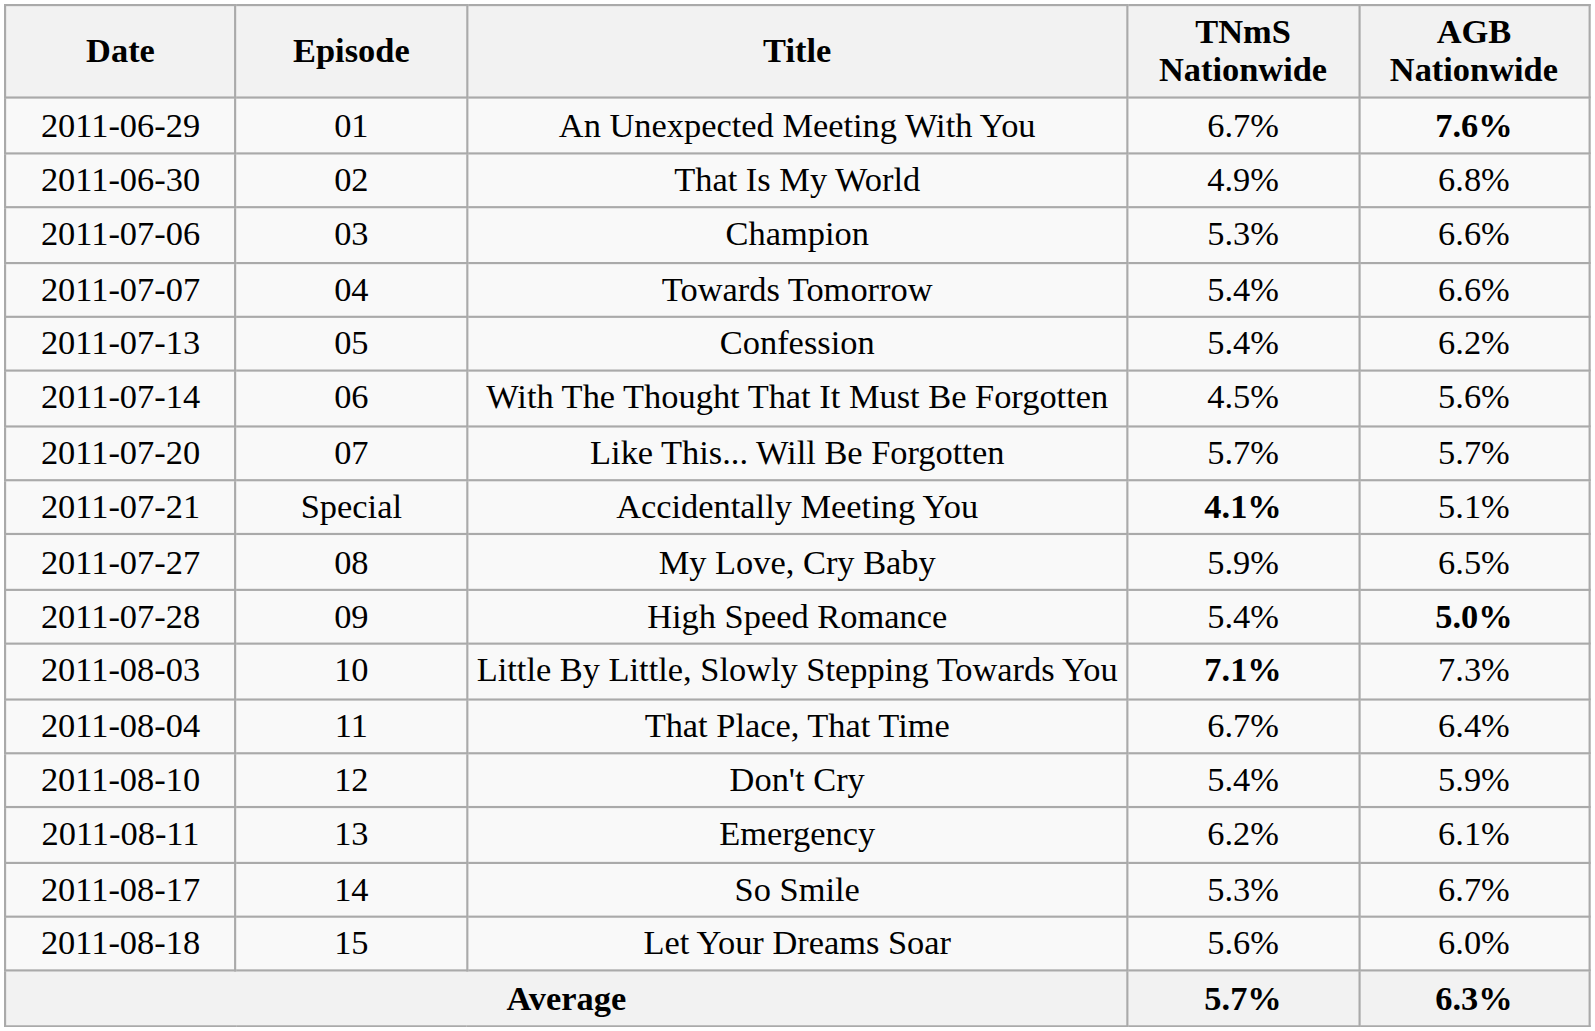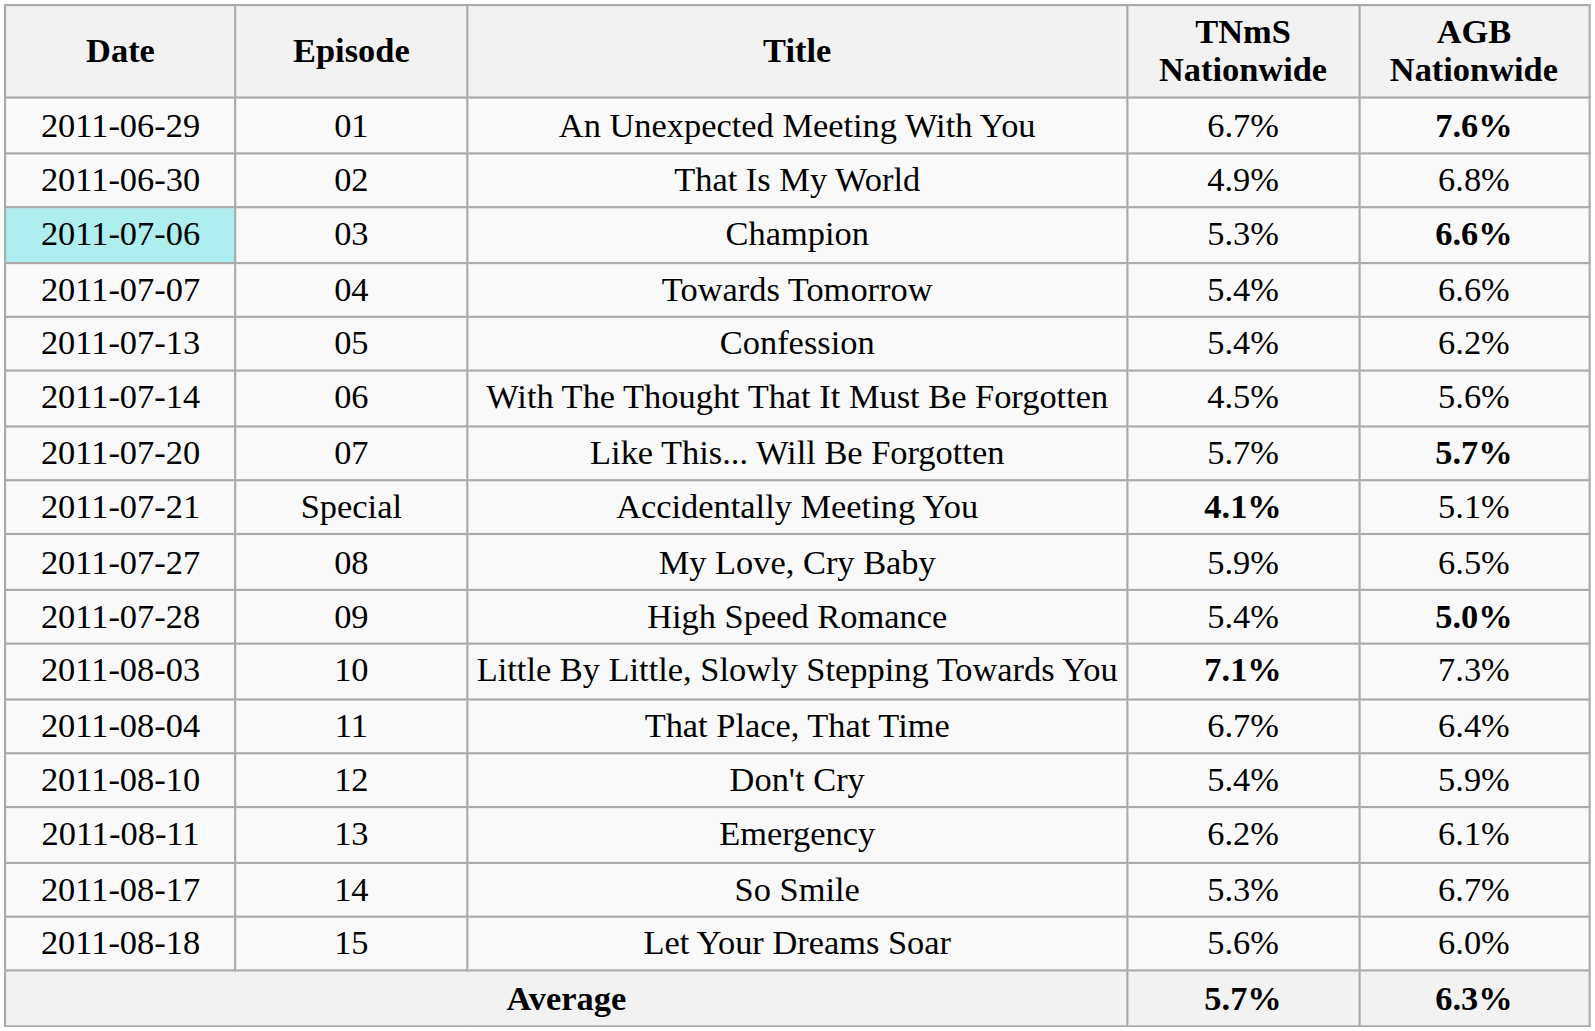 <table class="wikitable">
 <tr>
 <th width=100>Date</th>
 <th width=100>Episode</th>
 <th width=300>Title</th>
 <th width=100>TNmS Nationwide</th>
 <th width=100>AGB Nationwide</th>
 </tr>
 <tr align=center>
 <td>2011-06-29</td>
 <td>01</td>
 <td>An Unexpected Meeting With You</td>
 <td>6.7%</td>
 <td><span> <strong>7.6%</strong> </span></td>
 </tr>
 <tr align=center>
 <td>2011-06-30</td>
 <td>02</td>
 <td>That Is My World</td>
 <td>4.9%</td>
 <td>6.8%</td>
 </tr>
 <tr align=center>
-<td>2011-07-06</td>
+<td style="background: paleturquoise;">2011-07-06</td>
 <td>03</td>
 <td>Champion</td>
 <td>5.3%</td>
-<td>6.6%</td>
+<td><strong>6.6%</strong></td>
 </tr>
 <tr align=center>
 <td>2011-07-07</td>
 <td>04</td>
 <td>Towards Tomorrow</td>
 <td>5.4%</td>
 <td>6.6%</td>
 </tr>
 <tr align=center>
 <td>2011-07-13</td>
 <td>05</td>
 <td>Confession</td>
 <td>5.4%</td>
 <td>6.2%</td>
 </tr>
 <tr align=center>
 <td>2011-07-14</td>
 <td>06</td>
 <td>With The Thought That It Must Be Forgotten</td>
 <td>4.5%</td>
 <td>5.6%</td>
 </tr>
 <tr align=center>
 <td>2011-07-20</td>
 <td>07</td>
 <td>Like This... Will Be Forgotten</td>
 <td>5.7%</td>
-<td>5.7%</td>
+<td><strong>5.7%</strong></td>
 </tr>
 <tr align=center>
 <td>2011-07-21</td>
 <td>Special</td>
 <td>Accidentally Meeting You</td>
 <td><span> <strong>4.1%</strong> </span></td>
 <td>5.1%</td>
 </tr>
 <tr align=center>
 <td>2011-07-27</td>
 <td>08</td>
 <td>My Love, Cry Baby</td>
 <td>5.9%</td>
 <td>6.5%</td>
 </tr>
 <tr align=center>
 <td>2011-07-28</td>
 <td>09</td>
 <td>High Speed Romance</td>
 <td>5.4%</td>
 <td><span> <strong>5.0%</strong> </span></td>
 </tr>
 <tr align=center>
 <td>2011-08-03</td>
 <td>10</td>
 <td>Little By Little, Slowly Stepping Towards You</td>
 <td><span> <strong>7.1%</strong> </span></td>
 <td>7.3%</td>
 </tr>
 <tr align=center>
 <td>2011-08-04</td>
 <td>11</td>
 <td>That Place, That Time</td>
 <td>6.7%</td>
 <td>6.4%</td>
 </tr>
 <tr align=center>
 <td>2011-08-10</td>
 <td>12</td>
 <td>Don't Cry</td>
 <td>5.4%</td>
 <td>5.9%</td>
 </tr>
 <tr align=center>
 <td>2011-08-11</td>
 <td>13</td>
 <td>Emergency</td>
 <td>6.2%</td>
 <td>6.1%</td>
 </tr>
 <tr align=center>
 <td>2011-08-17</td>
 <td>14</td>
 <td>So Smile</td>
 <td>5.3%</td>
 <td>6.7%</td>
 </tr>
 <tr align=center>
 <td>2011-08-18</td>
 <td>15</td>
 <td>Let Your Dreams Soar</td>
 <td>5.6%</td>
 <td>6.0%</td>
 </tr>
 <tr align="center">
 <th colspan=3>Average</th>
 <th>5.7%</th>
 <th>6.3%</th>
 </tr>
 </table>
